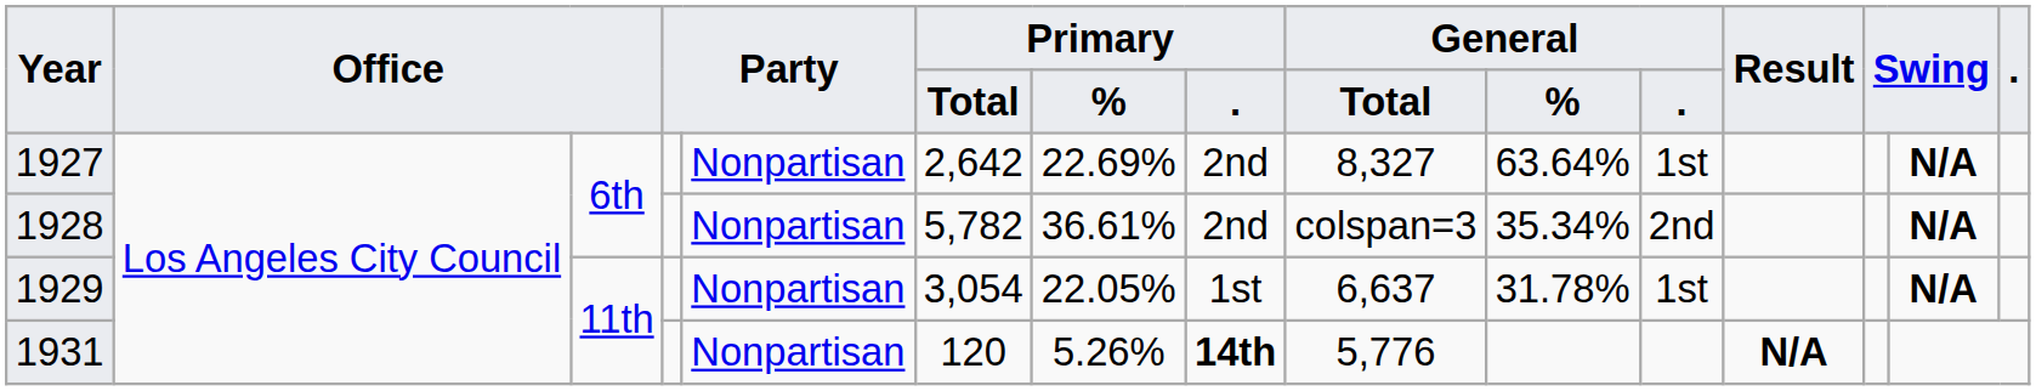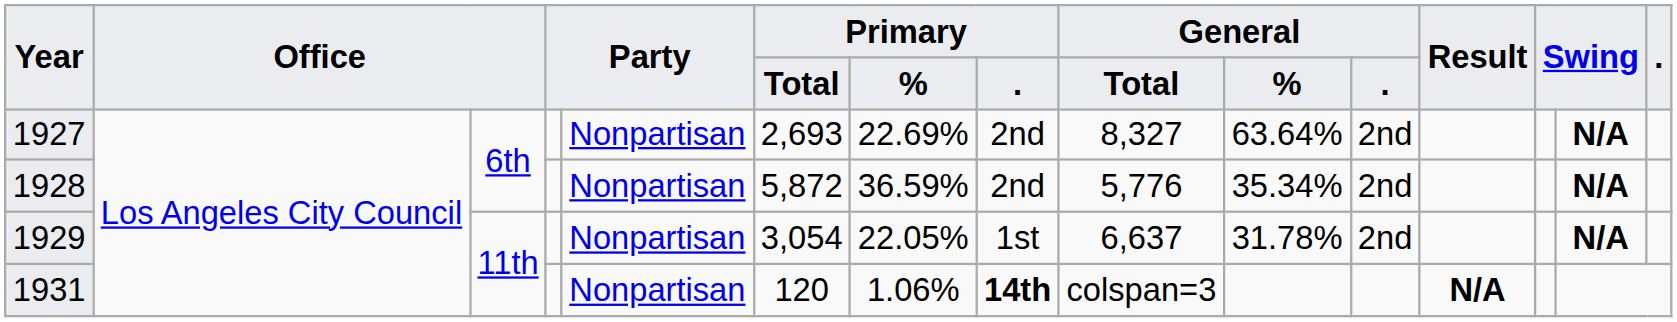 <table class="wikitable" style="font-size:90%; text-align:center;">
 <tr>
 <th style="background-color:#EAECF0;" rowspan=2>Year</th>
 <th colspan=2 style="background-color:#EAECF0;" rowspan=2>Office</th>
 <th style="background-color:#EAECF0;" colspan=2 rowspan=2>Party</th>
 <th style="background-color:#EAECF0;" colspan=3>Primary</th>
 <th style="background-color:#EAECF0;" colspan=3>General</th>
 <th style="background-color:#EAECF0;" rowspan=2>Result</th>
 <th style="background-color:#EAECF0;" colspan=2 rowspan=2><a href='#'>Swing</a></th>
 <th style="background-color:#EAECF0;" rowspan=2>.</th>
 </tr>
 <tr>
 <th style="background-color:#EAECF0;">Total</th>
 <th style="background-color:#EAECF0;">%</th>
 <th style="background-color:#EAECF0;">.</th>
 <th style="background-color:#EAECF0;">Total</th>
 <th style="background-color:#EAECF0;">%</th>
 <th style="background-color:#EAECF0;">.</th>
 </tr>
 <tr>
 <td style="background-color:#EAECF0;">1927</td>
 <td rowspan=4><a href='#'>Los Angeles City Council</a></td>
 <td rowspan=2><a href='#'>6th</a></td>
 <td style="background-color:"></td>
 <td><a href='#'>Nonpartisan</a></td>
-<td>2,642</td>
+<td>2,693</td>
 <td>22.69%</td>
 <td>2nd</td>
 <td>8,327</td>
 <td>63.64%</td>
-<td>1st</td>
+<td>2nd</td>
 <td></td>
 <td style="background-color:"></td>
 <td><strong>N/A</strong></td>
 <td></td>
 </tr>
 <tr>
 <td style="background-color:#EAECF0;">1928</td>
 <td style="background-color:"></td>
 <td><a href='#'>Nonpartisan</a></td>
-<td>5,782</td>
-<td>36.61%</td>
+<td>5,872</td>
+<td>36.59%</td>
 <td>2nd</td>
-<td>colspan=3 </td>
+<td>5,776</td>
 <td>35.34%</td>
 <td>2nd</td>
 <td></td>
 <td style="background-color:"></td>
 <td><strong>N/A</strong></td>
 <td></td>
 </tr>
 <tr>
 <td style="background-color:#EAECF0;">1929</td>
 <td rowspan=2><a href='#'>11th</a></td>
 <td style="background-color:"></td>
 <td><a href='#'>Nonpartisan</a></td>
 <td>3,054</td>
 <td>22.05%</td>
 <td>1st</td>
 <td>6,637</td>
 <td>31.78%</td>
-<td>1st</td>
+<td>2nd</td>
 <td></td>
 <td style="background-color:"></td>
 <td><strong>N/A</strong></td>
 <td></td>
 </tr>
 <tr>
 <td style="background-color:#EAECF0;">1931</td>
 <td style="background-color:"></td>
 <td><a href='#'>Nonpartisan</a></td>
 <td>120</td>
-<td>5.26%</td>
+<td>1.06%</td>
 <td><strong>14th</strong></td>
-<td>5,776</td>
+<td>colspan=3 </td>
 <td></td>
 <td style="background-color:"></td>
 <td><strong>N/A</strong></td>
 <td></td>
 </tr>
 </table>
